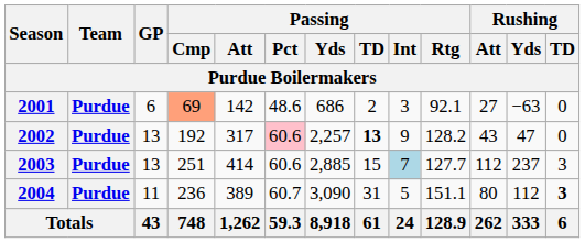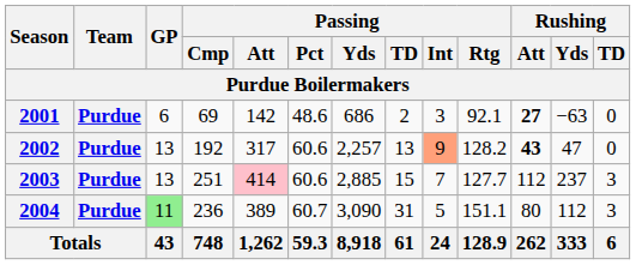 <table class="wikitable" style="text-align:center;">
 <tr>
 <th rowspan="2">Season</th>
 <th rowspan="2">Team</th>
 <th rowspan="2">GP</th>
 <th colspan="7">Passing</th>
 <th colspan="3">Rushing</th>
 </tr>
 <tr>
 <th>Cmp</th>
 <th>Att</th>
 <th>Pct</th>
 <th>Yds</th>
 <th>TD</th>
 <th>Int</th>
 <th>Rtg</th>
 <th>Att</th>
 <th>Yds</th>
 <th>TD</th>
 </tr>
 <tr>
 <th colspan="16">Purdue Boilermakers</th>
 </tr>
 <tr>
 <th><a href='#'>2001</a></th>
 <th><a href='#'>Purdue</a></th>
 <td>6</td>
-<td style="background: lightsalmon;">69</td>
+<td>69</td>
 <td>142</td>
 <td>48.6</td>
 <td>686</td>
 <td>2</td>
 <td>3</td>
 <td>92.1</td>
-<td>27</td>
+<td><strong>27</strong></td>
 <td>−63</td>
 <td>0</td>
 </tr>
 <tr>
 <th><a href='#'>2002</a></th>
 <th><a href='#'>Purdue</a></th>
 <td>13</td>
 <td>192</td>
 <td>317</td>
-<td style="background: pink;">60.6</td>
+<td>60.6</td>
 <td>2,257</td>
-<td><strong>13</strong></td>
-<td>9</td>
+<td>13</td>
+<td style="background: lightsalmon;">9</td>
 <td>128.2</td>
-<td>43</td>
+<td><strong>43</strong></td>
 <td>47</td>
 <td>0</td>
 </tr>
 <tr>
 <th><a href='#'>2003</a></th>
 <th><a href='#'>Purdue</a></th>
 <td>13</td>
 <td>251</td>
-<td>414</td>
+<td style="background: pink;">414</td>
 <td>60.6</td>
 <td>2,885</td>
 <td>15</td>
-<td style="background: lightblue;">7</td>
+<td>7</td>
 <td>127.7</td>
 <td>112</td>
 <td>237</td>
 <td>3</td>
 </tr>
 <tr>
 <th><a href='#'>2004</a></th>
 <th><a href='#'>Purdue</a></th>
-<td>11</td>
+<td style="background: lightgreen;">11</td>
 <td>236</td>
 <td>389</td>
 <td>60.7</td>
 <td>3,090</td>
 <td>31</td>
 <td>5</td>
 <td>151.1</td>
 <td>80</td>
 <td>112</td>
-<td><strong>3</strong></td>
+<td>3</td>
 </tr>
 <tr>
 <th colspan="2">Totals</th>
 <th>43</th>
 <th>748</th>
 <th>1,262</th>
 <th>59.3</th>
 <th>8,918</th>
 <th>61</th>
 <th>24</th>
 <th>128.9</th>
 <th>262</th>
 <th>333</th>
 <th>6</th>
 </tr>
 </table>
